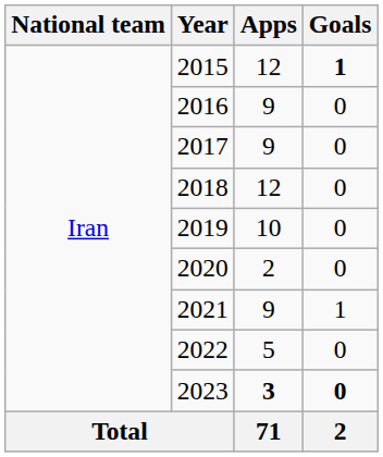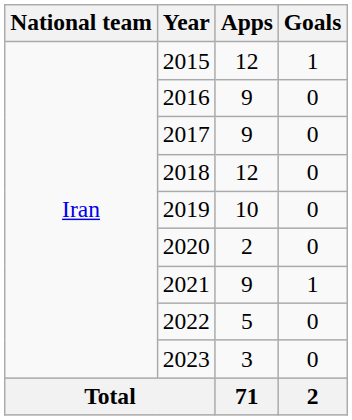 <table class="wikitable" style="text-align:center">
 <tr>
 <th>National team</th>
 <th>Year</th>
 <th>Apps</th>
 <th>Goals</th>
 </tr>
 <tr>
 <td rowspan="9"><a href='#'>Iran</a></td>
 <td>2015</td>
 <td>12</td>
-<td><strong>1</strong></td>
+<td>1</td>
 </tr>
 <tr>
 <td>2016</td>
 <td>9</td>
 <td>0</td>
 </tr>
 <tr>
 <td>2017</td>
 <td>9</td>
 <td>0</td>
 </tr>
 <tr>
 <td>2018</td>
 <td>12</td>
 <td>0</td>
 </tr>
 <tr>
 <td>2019</td>
 <td>10</td>
 <td>0</td>
 </tr>
 <tr>
 <td>2020</td>
 <td>2</td>
 <td>0</td>
 </tr>
 <tr>
 <td>2021</td>
 <td>9</td>
 <td>1</td>
 </tr>
 <tr>
 <td>2022</td>
 <td>5</td>
 <td>0</td>
 </tr>
 <tr>
 <td>2023</td>
-<td><strong>3</strong></td>
-<td><strong>0</strong></td>
+<td>3</td>
+<td>0</td>
 </tr>
 <tr>
 <th colspan="2">Total</th>
 <th>71</th>
 <th>2</th>
 </tr>
 </table>
